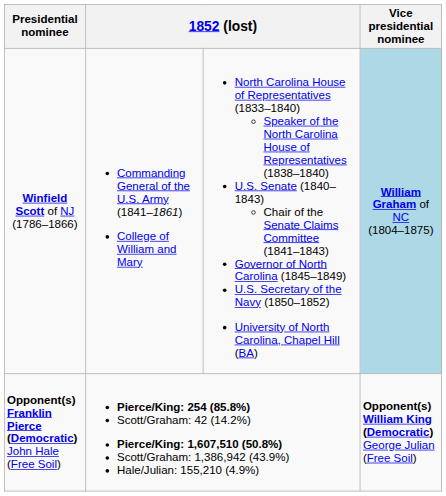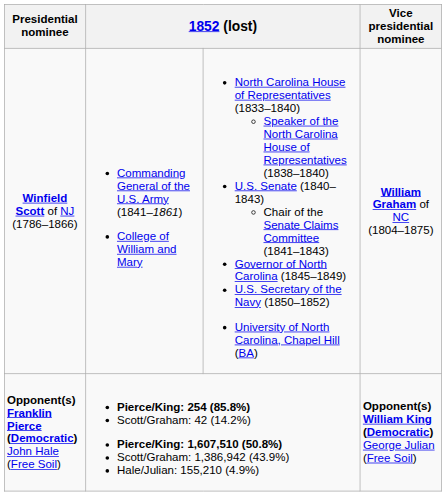 <table class="wikitable">
 <tr>
 <th width=175>Presidential<br>nominee</th>
 <th colspan=2><big><a href='#'>1852</a> (lost)</big></th>
 <th width=175>Vice presidential<br>nominee</th>
 </tr>
 <tr>
 <td style="text-align:center;"><strong><a href='#'>Winfield Scott</a></strong> of <a href='#'>NJ</a><br>(1786–1866)<br></td>
 <td width=350><br><ul><li><a href='#'>Commanding General of the U.S. Army</a> (1841–<em>1861</em>)</li></ul><ul><li><a href='#'>College of William and Mary</a></li></ul></td>
 <td width=350><br><ul><li><a href='#'>North Carolina House of Representatives</a> (1833–1840)<ul><li><a href='#'>Speaker of the North Carolina House of Representatives</a> (1838–1840)</li></ul></li><li><a href='#'>U.S. Senate</a> (1840–1843)<ul><li>Chair of the <a href='#'>Senate Claims Committee</a> (1841–1843)</li></ul></li><li><a href='#'>Governor of North Carolina</a> (1845–1849)</li><li><a href='#'>U.S. Secretary of the Navy</a> (1850–1852)</li></ul><ul><li><a href='#'>University of North Carolina, Chapel Hill</a> (<a href='#'>BA</a>)</li></ul></td>
-<td style="background: lightblue; text-align:center;"><strong><a href='#'>William Graham</a></strong> of <a href='#'>NC</a><br>(1804–1875)<br></td>
+<td style="text-align:center;"><strong><a href='#'>William Graham</a></strong> of <a href='#'>NC</a><br>(1804–1875)<br></td>
 </tr>
 <tr>
 <td><strong>Opponent(s)</strong><br><strong><a href='#'>Franklin Pierce</a> (<a href='#'>Democratic</a>)</strong><br><a href='#'>John Hale</a> (<a href='#'>Free Soil</a>)</td>
 <td colspan=2><br><ul><li><strong>Pierce/King: 254 (85.8%)</strong></li><li>Scott/Graham: 42 (14.2%)</li></ul><ul><li><strong>Pierce/King: 1,607,510 (50.8%)</strong></li><li>Scott/Graham: 1,386,942 (43.9%)</li><li>Hale/Julian: 155,210 (4.9%)</li></ul></td>
 <td><strong>Opponent(s)</strong><br><strong><a href='#'>William King</a> (<a href='#'>Democratic</a>)</strong><br><a href='#'>George Julian</a> (<a href='#'>Free Soil</a>)</td>
 </tr>
 </table>
